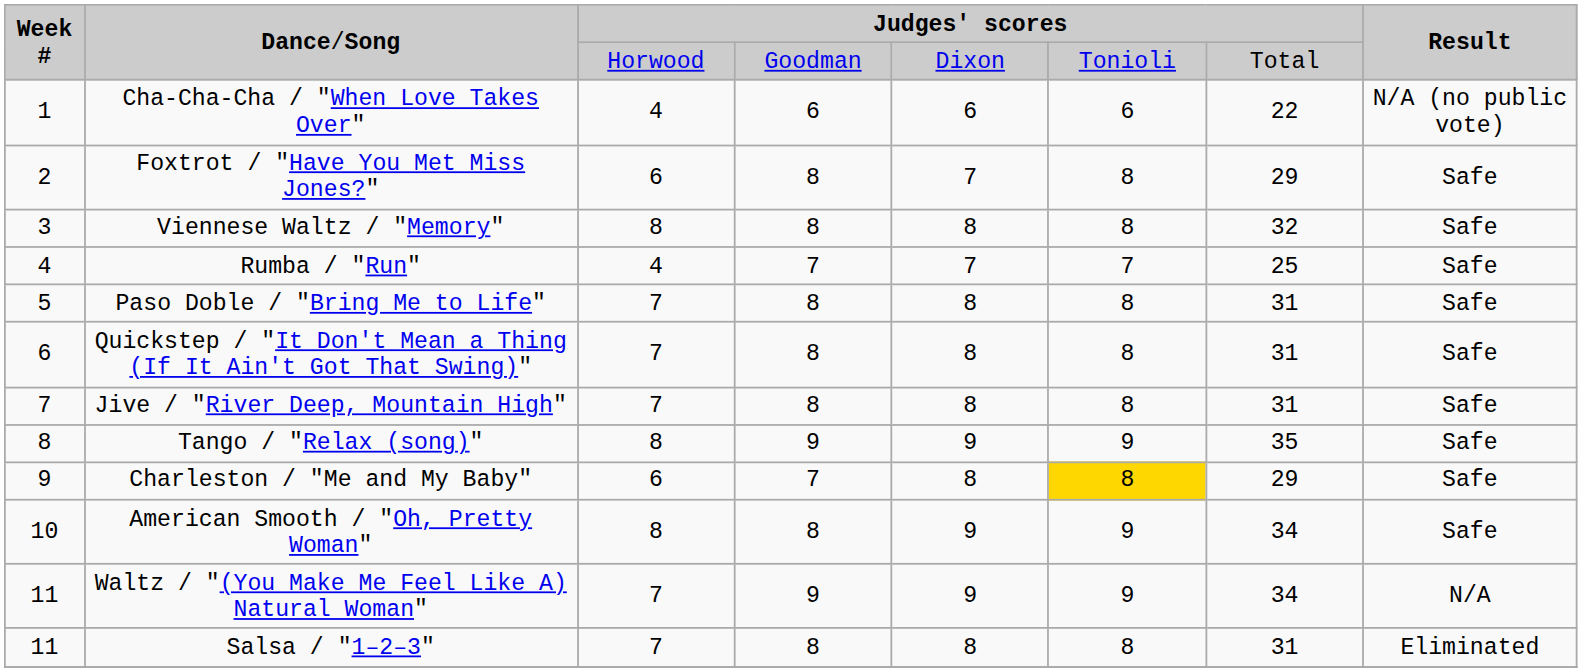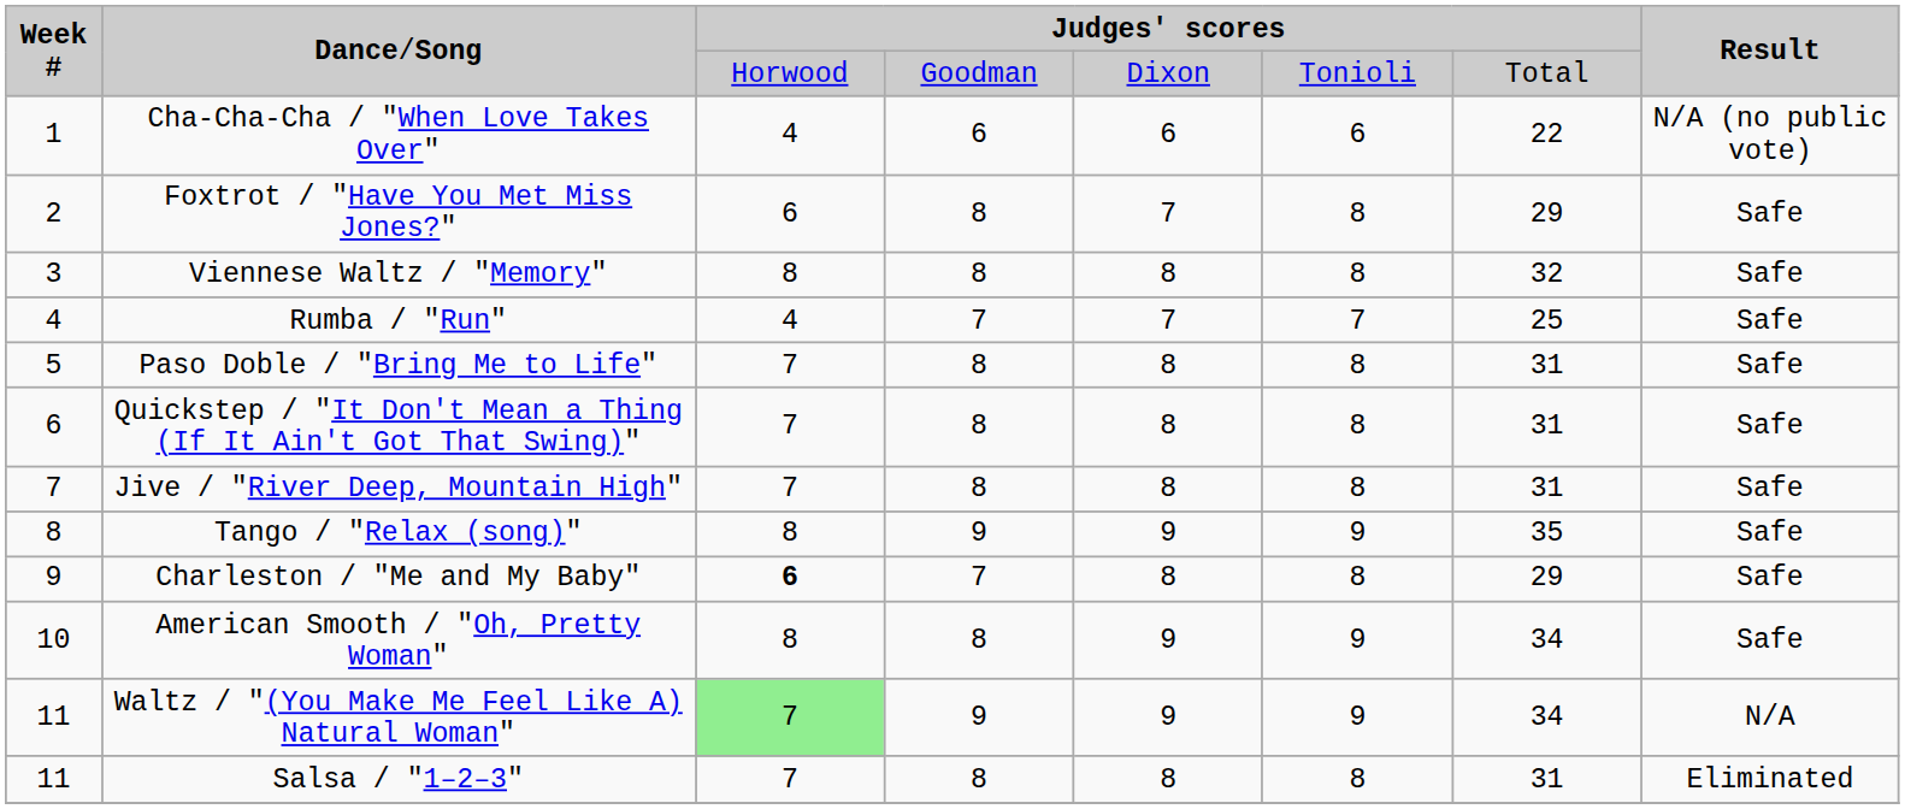 <table class="wikitable" style="margin:auto;">
 <tr style="text-align:Center; background:#ccc;">
 <td rowspan="2"><strong>Week #</strong></td>
 <td rowspan="2"><strong>Dance</strong>/<strong>Song</strong></td>
 <td colspan="5"><strong>Judges' scores</strong></td>
 <td rowspan="2"><strong>Result</strong></td>
 </tr>
 <tr style="text-align:center; background:#ccc;">
 <td style="width:10%; "><a href='#'>Horwood</a></td>
 <td style="width:10%; "><a href='#'>Goodman</a></td>
 <td style="width:10%; "><a href='#'>Dixon</a></td>
 <td style="width:10%; "><a href='#'>Tonioli</a></td>
 <td style="width:10%; ">Total</td>
 </tr>
 <tr style="text-align:center">
 <td style="text-align:center">1</td>
 <td style="text-align:center">Cha-Cha-Cha / "<a href='#'>When Love Takes Over</a>"</td>
 <td style="text-align:center">4</td>
 <td style="text-align:center">6</td>
 <td style="text-align:center">6</td>
 <td style="text-align:center">6</td>
 <td style="text-align:center">22</td>
 <td style="text-align:center">N/A (no public vote)</td>
 </tr>
 <tr style="text-align:center">
 <td style="text-align:center">2</td>
 <td style="text-align:center">Foxtrot / "<a href='#'>Have You Met Miss Jones?</a>"</td>
 <td style="text-align:center">6</td>
 <td style="text-align:center">8</td>
 <td style="text-align:center">7</td>
 <td style="text-align:center">8</td>
 <td style="text-align:center">29</td>
 <td style="text-align:center">Safe</td>
 </tr>
 <tr style="text-align:center">
 <td style="text-align:center">3</td>
 <td style="text-align:center">Viennese Waltz / "<a href='#'>Memory</a>"</td>
 <td style="text-align:center">8</td>
 <td style="text-align:center">8</td>
 <td style="text-align:center">8</td>
 <td style="text-align:center">8</td>
 <td style="text-align:center">32</td>
 <td style="text-align:center">Safe</td>
 </tr>
 <tr style="text-align:center">
 <td style="text-align:center">4</td>
 <td style="text-align:center">Rumba / "<a href='#'>Run</a>"</td>
 <td style="text-align:center">4</td>
 <td style="text-align:center">7</td>
 <td style="text-align:center">7</td>
 <td style="text-align:center">7</td>
 <td style="text-align:center">25</td>
 <td style="text-align:center">Safe</td>
 </tr>
 <tr style="text-align:center">
 <td style="text-align:center">5</td>
 <td style="text-align:center">Paso Doble / "<a href='#'>Bring Me to Life</a>"</td>
 <td style="text-align:center">7</td>
 <td style="text-align:center">8</td>
 <td style="text-align:center">8</td>
 <td style="text-align:center">8</td>
 <td style="text-align:center">31</td>
 <td style="text-align:center">Safe</td>
 </tr>
 <tr style="text-align:center">
 <td style="text-align:center">6</td>
 <td style="text-align:center">Quickstep / "<a href='#'>It Don't Mean a Thing (If It Ain't Got That Swing)</a>"</td>
 <td style="text-align:center">7</td>
 <td style="text-align:center">8</td>
 <td style="text-align:center">8</td>
 <td style="text-align:center">8</td>
 <td style="text-align:center">31</td>
 <td style="text-align:center">Safe</td>
 </tr>
 <tr style="text-align:center">
 <td style="text-align:center">7</td>
 <td style="text-align:center">Jive / "<a href='#'>River Deep, Mountain High</a>"</td>
 <td style="text-align:center">7</td>
 <td style="text-align:center">8</td>
 <td style="text-align:center">8</td>
 <td style="text-align:center">8</td>
 <td style="text-align:center">31</td>
 <td style="text-align:center">Safe</td>
 </tr>
 <tr style="text-align:center">
 <td style="text-align:center">8</td>
 <td style="text-align:center">Tango / "<a href='#'>Relax (song)</a>"</td>
 <td style="text-align:center">8</td>
 <td style="text-align:center">9</td>
 <td style="text-align:center">9</td>
 <td style="text-align:center">9</td>
 <td style="text-align:center">35</td>
 <td style="text-align:center">Safe</td>
 </tr>
 <tr style="text-align:center">
 <td style="text-align:center">9</td>
 <td style="text-align:center">Charleston / "Me and My Baby"</td>
-<td style="text-align:center">6</td>
+<td style="text-align:center"><strong>6</strong></td>
 <td style="text-align:center">7</td>
 <td style="text-align:center">8</td>
-<td style="background: gold; text-align:center">8</td>
+<td style="text-align:center">8</td>
 <td style="text-align:center">29</td>
 <td style="text-align:center">Safe</td>
 </tr>
 <tr style="text-align:center">
 <td style="text-align:center">10</td>
 <td style="text-align:center">American Smooth / "<a href='#'>Oh, Pretty Woman</a>"</td>
 <td style="text-align:center">8</td>
 <td style="text-align:center">8</td>
 <td style="text-align:center">9</td>
 <td style="text-align:center">9</td>
 <td style="text-align:center">34</td>
 <td style="text-align:center">Safe</td>
 </tr>
 <tr style="text-align:center">
 <td style="text-align:center">11</td>
 <td style="text-align:center">Waltz / "<a href='#'>(You Make Me Feel Like A) Natural Woman</a>"</td>
-<td style="text-align:center">7</td>
+<td style="background: lightgreen; text-align:center">7</td>
 <td style="text-align:center">9</td>
 <td style="text-align:center">9</td>
 <td style="text-align:center">9</td>
 <td style="text-align:center">34</td>
 <td style="text-align:center">N/A</td>
 </tr>
 <tr style="text-align:center">
 <td style="text-align:center">11</td>
 <td style="text-align:center">Salsa / "<a href='#'>1–2–3</a>"</td>
 <td style="text-align:center">7</td>
 <td style="text-align:center">8</td>
 <td style="text-align:center">8</td>
 <td style="text-align:center">8</td>
 <td style="text-align:center">31</td>
 <td style="text-align:center">Eliminated</td>
 </tr>
 <tr style="text-align:center">
 </tr>
 </table>
